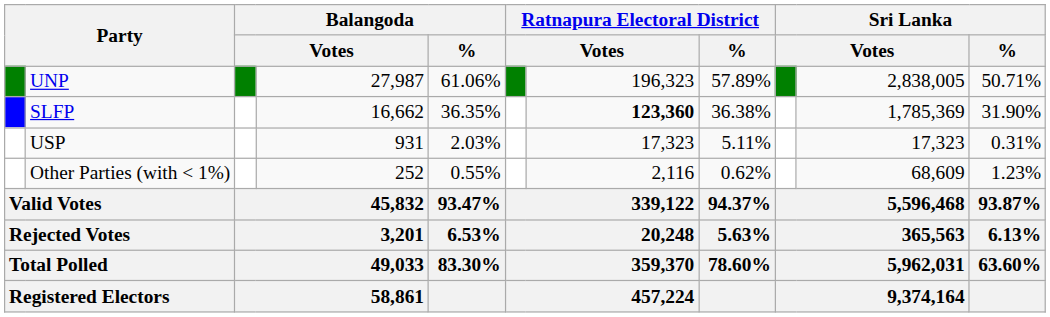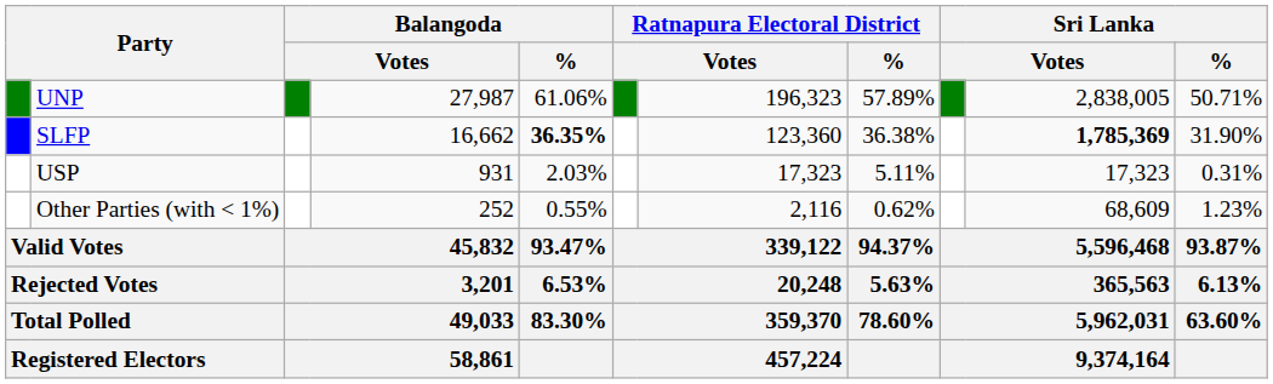 <table class="wikitable">
 <tr>
 <th colspan="2" width="144px"rowspan="2">Party</th>
 <th colspan="3" width="216px">Balangoda</th>
 <th colspan="3" width="216px"><a href='#'>Ratnapura Electoral District</a></th>
 <th colspan="3" width="216px">Sri Lanka</th>
 </tr>
 <tr>
 <th colspan="2" width="144px">Votes</th>
 <th>%</th>
 <th colspan="2" width="144px">Votes</th>
 <th>%</th>
 <th colspan="2" width="144px">Votes</th>
 <th>%</th>
 </tr>
 <tr>
 <td style="background-color:green;" width="10px"></td>
 <td style="text-align:left;"><a href='#'>UNP</a></td>
 <td style="background-color:green;" width="10px"></td>
 <td style="text-align:right;">27,987</td>
 <td style="text-align:right;">61.06%</td>
 <td style="background-color:green;" width="10px"></td>
 <td style="text-align:right;">196,323</td>
 <td style="text-align:right;">57.89%</td>
 <td style="background-color:green;" width="10px"></td>
 <td style="text-align:right;">2,838,005</td>
 <td style="text-align:right;">50.71%</td>
 </tr>
 <tr>
 <td style="background-color:blue;" width="10px"></td>
 <td style="text-align:left;"><a href='#'>SLFP</a></td>
 <td style="background-color:white;" width="10px"></td>
 <td style="text-align:right;">16,662</td>
-<td style="text-align:right;">36.35%</td>
+<td style="text-align:right;"><strong>36.35%</strong></td>
 <td style="background-color:white;" width="10px"></td>
-<td style="text-align:right;"><strong>123,360</strong></td>
+<td style="text-align:right;">123,360</td>
 <td style="text-align:right;">36.38%</td>
 <td style="background-color:white;" width="10px"></td>
-<td style="text-align:right;">1,785,369</td>
+<td style="text-align:right;"><strong>1,785,369</strong></td>
 <td style="text-align:right;">31.90%</td>
 </tr>
 <tr>
 <td style="background-color:white;" width="10px"></td>
 <td style="text-align:left;">USP</td>
 <td style="background-color:white;" width="10px"></td>
 <td style="text-align:right;">931</td>
 <td style="text-align:right;">2.03%</td>
 <td style="background-color:white;" width="10px"></td>
 <td style="text-align:right;">17,323</td>
 <td style="text-align:right;">5.11%</td>
 <td style="background-color:white;" width="10px"></td>
 <td style="text-align:right;">17,323</td>
 <td style="text-align:right;">0.31%</td>
 </tr>
 <tr>
 <td style="background-color:white;" width="10px"></td>
 <td style="text-align:left;">Other Parties (with < 1%)</td>
 <td style="background-color:white;" width="10px"></td>
 <td style="text-align:right;">252</td>
 <td style="text-align:right;">0.55%</td>
 <td style="background-color:white;" width="10px"></td>
 <td style="text-align:right;">2,116</td>
 <td style="text-align:right;">0.62%</td>
 <td style="background-color:white;" width="10px"></td>
 <td style="text-align:right;">68,609</td>
 <td style="text-align:right;">1.23%</td>
 </tr>
 <tr>
 <th colspan="2" width="144px"style="text-align:left;">Valid Votes</th>
 <th style="text-align:right;"colspan="2" width="144px">45,832</th>
 <th style="text-align:right;">93.47%</th>
 <th style="text-align:right;"colspan="2" width="144px">339,122</th>
 <th style="text-align:right;">94.37%</th>
 <th style="text-align:right;"colspan="2" width="144px">5,596,468</th>
 <th style="text-align:right;">93.87%</th>
 </tr>
 <tr>
 <th colspan="2" width="144px"style="text-align:left;">Rejected Votes</th>
 <th style="text-align:right;"colspan="2" width="144px">3,201</th>
 <th style="text-align:right;">6.53%</th>
 <th style="text-align:right;"colspan="2" width="144px">20,248</th>
 <th style="text-align:right;">5.63%</th>
 <th style="text-align:right;"colspan="2" width="144px">365,563</th>
 <th style="text-align:right;">6.13%</th>
 </tr>
 <tr>
 <th colspan="2" width="144px"style="text-align:left;">Total Polled</th>
 <th style="text-align:right;"colspan="2" width="144px">49,033</th>
 <th style="text-align:right;">83.30%</th>
 <th style="text-align:right;"colspan="2" width="144px">359,370</th>
 <th style="text-align:right;">78.60%</th>
 <th style="text-align:right;"colspan="2" width="144px">5,962,031</th>
 <th style="text-align:right;">63.60%</th>
 </tr>
 <tr>
 <th colspan="2" width="144px"style="text-align:left;">Registered Electors</th>
 <th style="text-align:right;"colspan="2" width="144px">58,861</th>
 <th></th>
 <th style="text-align:right;"colspan="2" width="144px">457,224</th>
 <th></th>
 <th style="text-align:right;"colspan="2" width="144px">9,374,164</th>
 <th></th>
 </tr>
 </table>
